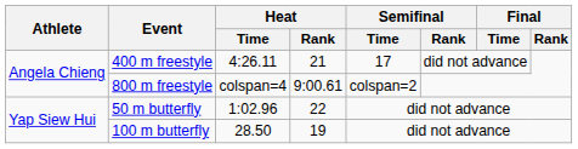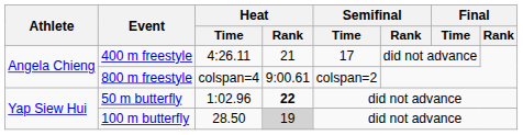 <table class=wikitable style="font-size:90%">
 <tr>
 <th rowspan=2>Athlete</th>
 <th rowspan=2>Event</th>
 <th colspan="2">Heat</th>
 <th colspan="2">Semifinal</th>
 <th colspan="2">Final</th>
 </tr>
 <tr style="font-size:95%">
 <th>Time</th>
 <th>Rank</th>
 <th>Time</th>
 <th>Rank</th>
 <th>Time</th>
 <th>Rank</th>
 </tr>
 <tr align=center>
 <td align=left rowspan=2><a href='#'>Angela Chieng</a></td>
 <td align=left><a href='#'>400 m freestyle</a></td>
 <td>4:26.11</td>
 <td>21</td>
 <td>17</td>
 <td colspan=2>did not advance</td>
 </tr>
 <tr align=center>
 <td align=left><a href='#'>800 m freestyle</a></td>
 <td>colspan=4 </td>
 <td>9:00.61</td>
 <td>colspan=2 </td>
 </tr>
 <tr align=center>
 <td align=left rowspan=2><a href='#'>Yap Siew Hui</a></td>
 <td align=left><a href='#'>50 m butterfly</a></td>
 <td>1:02.96</td>
-<td>22</td>
+<td><strong>22</strong></td>
 <td colspan=4>did not advance</td>
 </tr>
 <tr align=center>
 <td align=left><a href='#'>100 m butterfly</a></td>
 <td>28.50</td>
-<td>19</td>
+<td style="background: lightgrey;">19</td>
 <td colspan=4>did not advance</td>
 </tr>
 </table>
